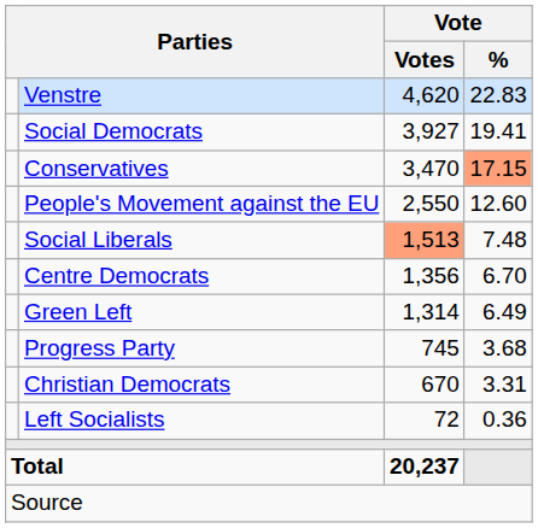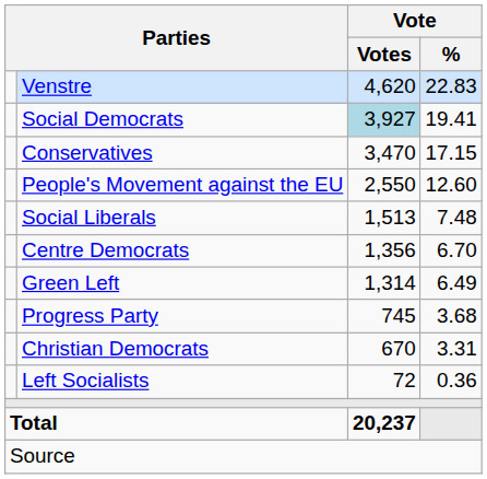 <table class="wikitable" style="text-align:right;">
 <tr>
 <th style="text-align:centre;" rowspan="2" colspan="2" width="225">Parties</th>
 <th colspan="3">Vote</th>
 </tr>
 <tr>
 <th width="15">Votes</th>
 <th width="15">%</th>
 </tr>
 <tr>
 <td width="2" style="color:inherit;background:"></td>
 <td bgcolor=#cfe5fe   align="left"><a href='#'>Venstre</a></td>
 <td bgcolor=#cfe5fe>4,620</td>
 <td bgcolor=#cfe5fe>22.83</td>
 </tr>
 <tr>
 <td width="2" style="color:inherit;background:"></td>
 <td align="left"><a href='#'>Social Democrats</a></td>
-<td>3,927</td>
+<td style="background: lightblue;">3,927</td>
 <td>19.41</td>
 </tr>
 <tr>
 <td width="2" style="color:inherit;background:"></td>
 <td align="left"><a href='#'>Conservatives</a></td>
 <td>3,470</td>
-<td style="background: lightsalmon;">17.15</td>
+<td>17.15</td>
 </tr>
 <tr>
 <td width="2" style="color:inherit;background:"></td>
 <td align="left"><a href='#'>People's Movement against the EU</a></td>
 <td>2,550</td>
 <td>12.60</td>
 </tr>
 <tr>
 <td width="2" style="color:inherit;background:"></td>
 <td align="left"><a href='#'>Social Liberals</a></td>
-<td style="background: lightsalmon;">1,513</td>
+<td>1,513</td>
 <td>7.48</td>
 </tr>
 <tr>
 <td width="2" style="color:inherit;background:"></td>
 <td align="left"><a href='#'>Centre Democrats</a></td>
 <td>1,356</td>
 <td>6.70</td>
 </tr>
 <tr>
 <td width="2" style="color:inherit;background:"></td>
 <td align="left"><a href='#'>Green Left</a></td>
 <td>1,314</td>
 <td>6.49</td>
 </tr>
 <tr>
 <td width="2" style="color:inherit;background:"></td>
 <td align="left"><a href='#'>Progress Party</a></td>
 <td>745</td>
 <td>3.68</td>
 </tr>
 <tr>
 <td width="2" style="color:inherit;background:"></td>
 <td align="left"><a href='#'>Christian Democrats</a></td>
 <td>670</td>
 <td>3.31</td>
 </tr>
 <tr>
 <td width="2" style="color:inherit;background:"></td>
 <td align="left"><a href='#'>Left Socialists</a></td>
 <td>72</td>
 <td>0.36</td>
 </tr>
 <tr>
 <td colspan="7" bgcolor="#E9E9E9"></td>
 </tr>
 <tr>
 <td align="left" colspan="2"><strong>Total</strong></td>
 <td><strong>20,237</strong></td>
 <td bgcolor="#E9E9E9" colspan="2"></td>
 </tr>
 <tr>
 <td align="left" colspan="6">Source</td>
 </tr>
 </table>
